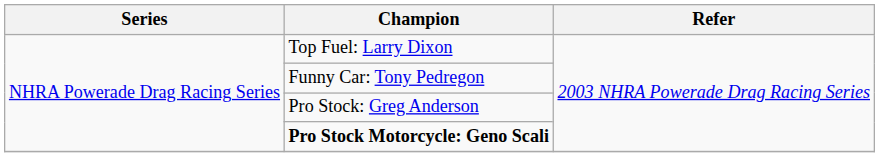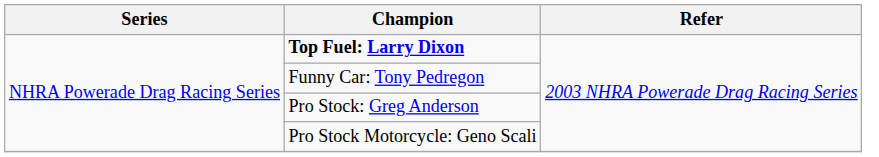 <table class="wikitable" style="font-size:87%;">
 <tr>
 <th>Series</th>
 <th>Champion</th>
 <th>Refer</th>
 </tr>
 <tr>
 <td rowspan=4><a href='#'>NHRA Powerade Drag Racing Series</a></td>
-<td>Top Fuel:  <a href='#'>Larry Dixon</a></td>
+<td><strong>Top Fuel:  <a href='#'>Larry Dixon</a></strong></td>
 <td rowspan=4><em><a href='#'>2003 NHRA Powerade Drag Racing Series</a></em></td>
 </tr>
 <tr>
 <td>Funny Car:  <a href='#'>Tony Pedregon</a></td>
 </tr>
 <tr>
 <td>Pro Stock:  <a href='#'>Greg Anderson</a></td>
 </tr>
 <tr>
-<td><strong>Pro Stock Motorcycle:  Geno Scali</strong></td>
+<td>Pro Stock Motorcycle:  Geno Scali</td>
 </tr>
 <tr>
 </tr>
 </table>
